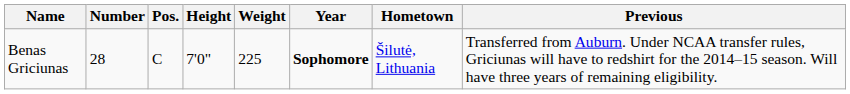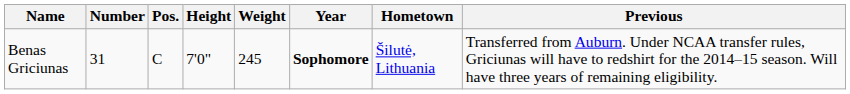 <table class="wikitable sortable" border="1">
 <tr>
 <th>Name</th>
 <th>Number</th>
 <th>Pos.</th>
 <th>Height</th>
 <th>Weight</th>
 <th>Year</th>
 <th>Hometown</th>
 <th>Previous</th>
 </tr>
 <tr>
 <td sortname>Benas Griciunas</td>
-<td>28</td>
+<td>31</td>
 <td>C</td>
 <td>7'0"</td>
-<td>225</td>
+<td>245</td>
 <td><strong>Sophomore</strong></td>
 <td><a href='#'>Šilutė, Lithuania</a></td>
 <td>Transferred from <a href='#'>Auburn</a>. Under NCAA transfer rules, Griciunas will have to redshirt for the 2014–15 season. Will have three years of remaining eligibility.</td>
 </tr>
 </table>
